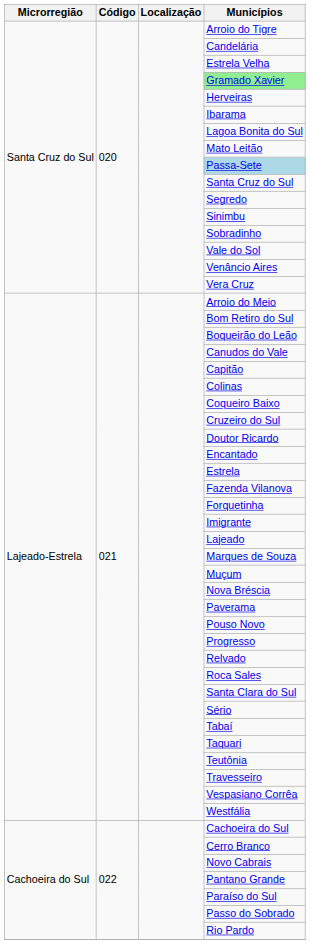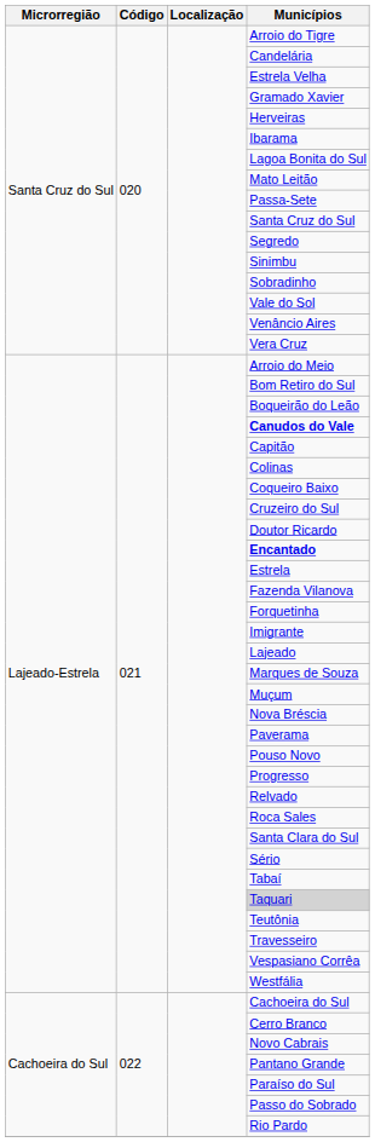 <table class="wikitable sortable">
 <tr>
 <th>Microrregião</th>
 <th>Código</th>
 <th>Localização</th>
 <th>Municípios</th>
 </tr>
 <tr>
 <td rowspan="16">Santa Cruz do Sul</td>
 <td rowspan="16">020</td>
 <td rowspan="16"></td>
 <td><a href='#'>Arroio do Tigre</a></td>
 </tr>
 <tr>
 <td><a href='#'>Candelária</a></td>
 </tr>
 <tr>
 <td><a href='#'>Estrela Velha</a></td>
 </tr>
 <tr>
-<td style="background: lightgreen;"><a href='#'>Gramado Xavier</a></td>
+<td><a href='#'>Gramado Xavier</a></td>
 </tr>
 <tr>
 <td><a href='#'>Herveiras</a></td>
 </tr>
 <tr>
 <td><a href='#'>Ibarama</a></td>
 </tr>
 <tr>
 <td><a href='#'>Lagoa Bonita do Sul</a></td>
 </tr>
 <tr>
 <td><a href='#'>Mato Leitão</a></td>
 </tr>
 <tr>
-<td style="background: lightblue;"><a href='#'>Passa-Sete</a></td>
+<td><a href='#'>Passa-Sete</a></td>
 </tr>
 <tr>
 <td><a href='#'>Santa Cruz do Sul</a></td>
 </tr>
 <tr>
 <td><a href='#'>Segredo</a></td>
 </tr>
 <tr>
 <td><a href='#'>Sinimbu</a></td>
 </tr>
 <tr>
 <td><a href='#'>Sobradinho</a></td>
 </tr>
 <tr>
 <td><a href='#'>Vale do Sol</a></td>
 </tr>
 <tr>
 <td><a href='#'>Venâncio Aires</a></td>
 </tr>
 <tr>
 <td><a href='#'>Vera Cruz</a></td>
 </tr>
 <tr>
 <td rowspan="31">Lajeado-Estrela</td>
 <td rowspan="31">021</td>
 <td rowspan="31"></td>
 <td><a href='#'>Arroio do Meio</a></td>
 </tr>
 <tr>
 <td><a href='#'>Bom Retiro do Sul</a></td>
 </tr>
 <tr>
 <td><a href='#'>Boqueirão do Leão</a></td>
 </tr>
 <tr>
-<td><a href='#'>Canudos do Vale</a></td>
+<td><strong><a href='#'>Canudos do Vale</a></strong></td>
 </tr>
 <tr>
 <td><a href='#'>Capitão</a></td>
 </tr>
 <tr>
 <td><a href='#'>Colinas</a></td>
 </tr>
 <tr>
 <td><a href='#'>Coqueiro Baixo</a></td>
 </tr>
 <tr>
 <td><a href='#'>Cruzeiro do Sul</a></td>
 </tr>
 <tr>
 <td><a href='#'>Doutor Ricardo</a></td>
 </tr>
 <tr>
-<td><a href='#'>Encantado</a></td>
+<td><strong><a href='#'>Encantado</a></strong></td>
 </tr>
 <tr>
 <td><a href='#'>Estrela</a></td>
 </tr>
 <tr>
 <td><a href='#'>Fazenda Vilanova</a></td>
 </tr>
 <tr>
 <td><a href='#'>Forquetinha</a></td>
 </tr>
 <tr>
 <td><a href='#'>Imigrante</a></td>
 </tr>
 <tr>
 <td><a href='#'>Lajeado</a></td>
 </tr>
 <tr>
 <td><a href='#'>Marques de Souza</a></td>
 </tr>
 <tr>
 <td><a href='#'>Muçum</a></td>
 </tr>
 <tr>
 <td><a href='#'>Nova Bréscia</a></td>
 </tr>
 <tr>
 <td><a href='#'>Paverama</a></td>
 </tr>
 <tr>
 <td><a href='#'>Pouso Novo</a></td>
 </tr>
 <tr>
 <td><a href='#'>Progresso</a></td>
 </tr>
 <tr>
 <td><a href='#'>Relvado</a></td>
 </tr>
 <tr>
 <td><a href='#'>Roca Sales</a></td>
 </tr>
 <tr>
 <td><a href='#'>Santa Clara do Sul</a></td>
 </tr>
 <tr>
 <td><a href='#'>Sério</a></td>
 </tr>
 <tr>
 <td><a href='#'>Tabaí</a></td>
 </tr>
 <tr>
-<td><a href='#'>Taquari</a></td>
+<td style="background: lightgrey;"><a href='#'>Taquari</a></td>
 </tr>
 <tr>
 <td><a href='#'>Teutônia</a></td>
 </tr>
 <tr>
 <td><a href='#'>Travesseiro</a></td>
 </tr>
 <tr>
 <td><a href='#'>Vespasiano Corrêa</a></td>
 </tr>
 <tr>
 <td><a href='#'>Westfália</a></td>
 </tr>
 <tr>
 <td rowspan="7">Cachoeira do Sul</td>
 <td rowspan="7">022</td>
 <td rowspan="7"></td>
 <td><a href='#'>Cachoeira do Sul</a></td>
 </tr>
 <tr>
 <td><a href='#'>Cerro Branco</a></td>
 </tr>
 <tr>
 <td><a href='#'>Novo Cabrais</a></td>
 </tr>
 <tr>
 <td><a href='#'>Pantano Grande</a></td>
 </tr>
 <tr>
 <td><a href='#'>Paraíso do Sul</a></td>
 </tr>
 <tr>
 <td><a href='#'>Passo do Sobrado</a></td>
 </tr>
 <tr>
 <td><a href='#'>Rio Pardo</a></td>
 </tr>
 <tr>
 </tr>
 </table>
